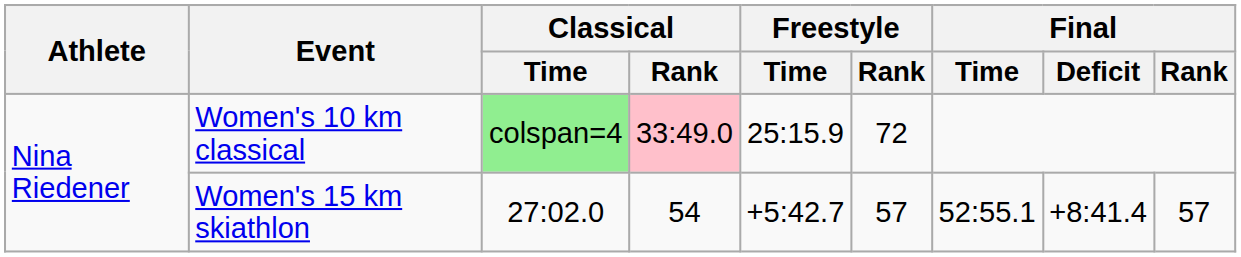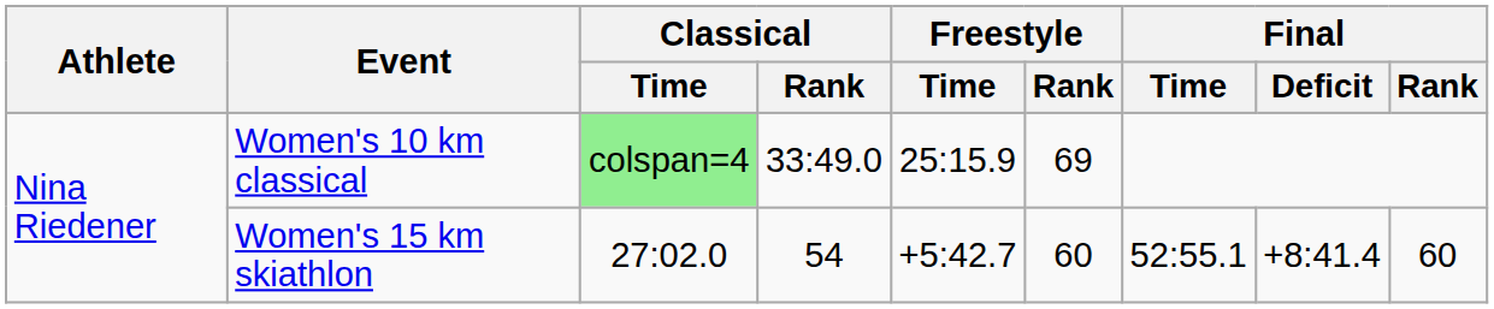 <table class="wikitable" style="font-size:90%">
 <tr>
 <th rowspan=2>Athlete</th>
 <th rowspan=2>Event</th>
 <th colspan=2>Classical</th>
 <th colspan=2>Freestyle</th>
 <th colspan=3>Final</th>
 </tr>
 <tr style="font-size: 95%">
 <th>Time</th>
 <th>Rank</th>
 <th>Time</th>
 <th>Rank</th>
 <th>Time</th>
 <th>Deficit</th>
 <th>Rank</th>
 </tr>
 <tr align=center>
 <td align=left rowspan=2><a href='#'>Nina Riedener</a></td>
 <td align=left><a href='#'>Women's 10 km classical</a></td>
 <td style="background: lightgreen;">colspan=4</td>
-<td style="background: pink;">33:49.0</td>
+<td>33:49.0</td>
 <td>25:15.9</td>
-<td>72</td>
+<td>69</td>
 </tr>
 <tr align=center>
 <td align=left><a href='#'>Women's 15 km skiathlon</a></td>
 <td>27:02.0</td>
 <td>54</td>
 <td>+5:42.7</td>
-<td>57</td>
+<td>60</td>
 <td>52:55.1</td>
 <td>+8:41.4</td>
-<td>57</td>
+<td>60</td>
 </tr>
 </table>
